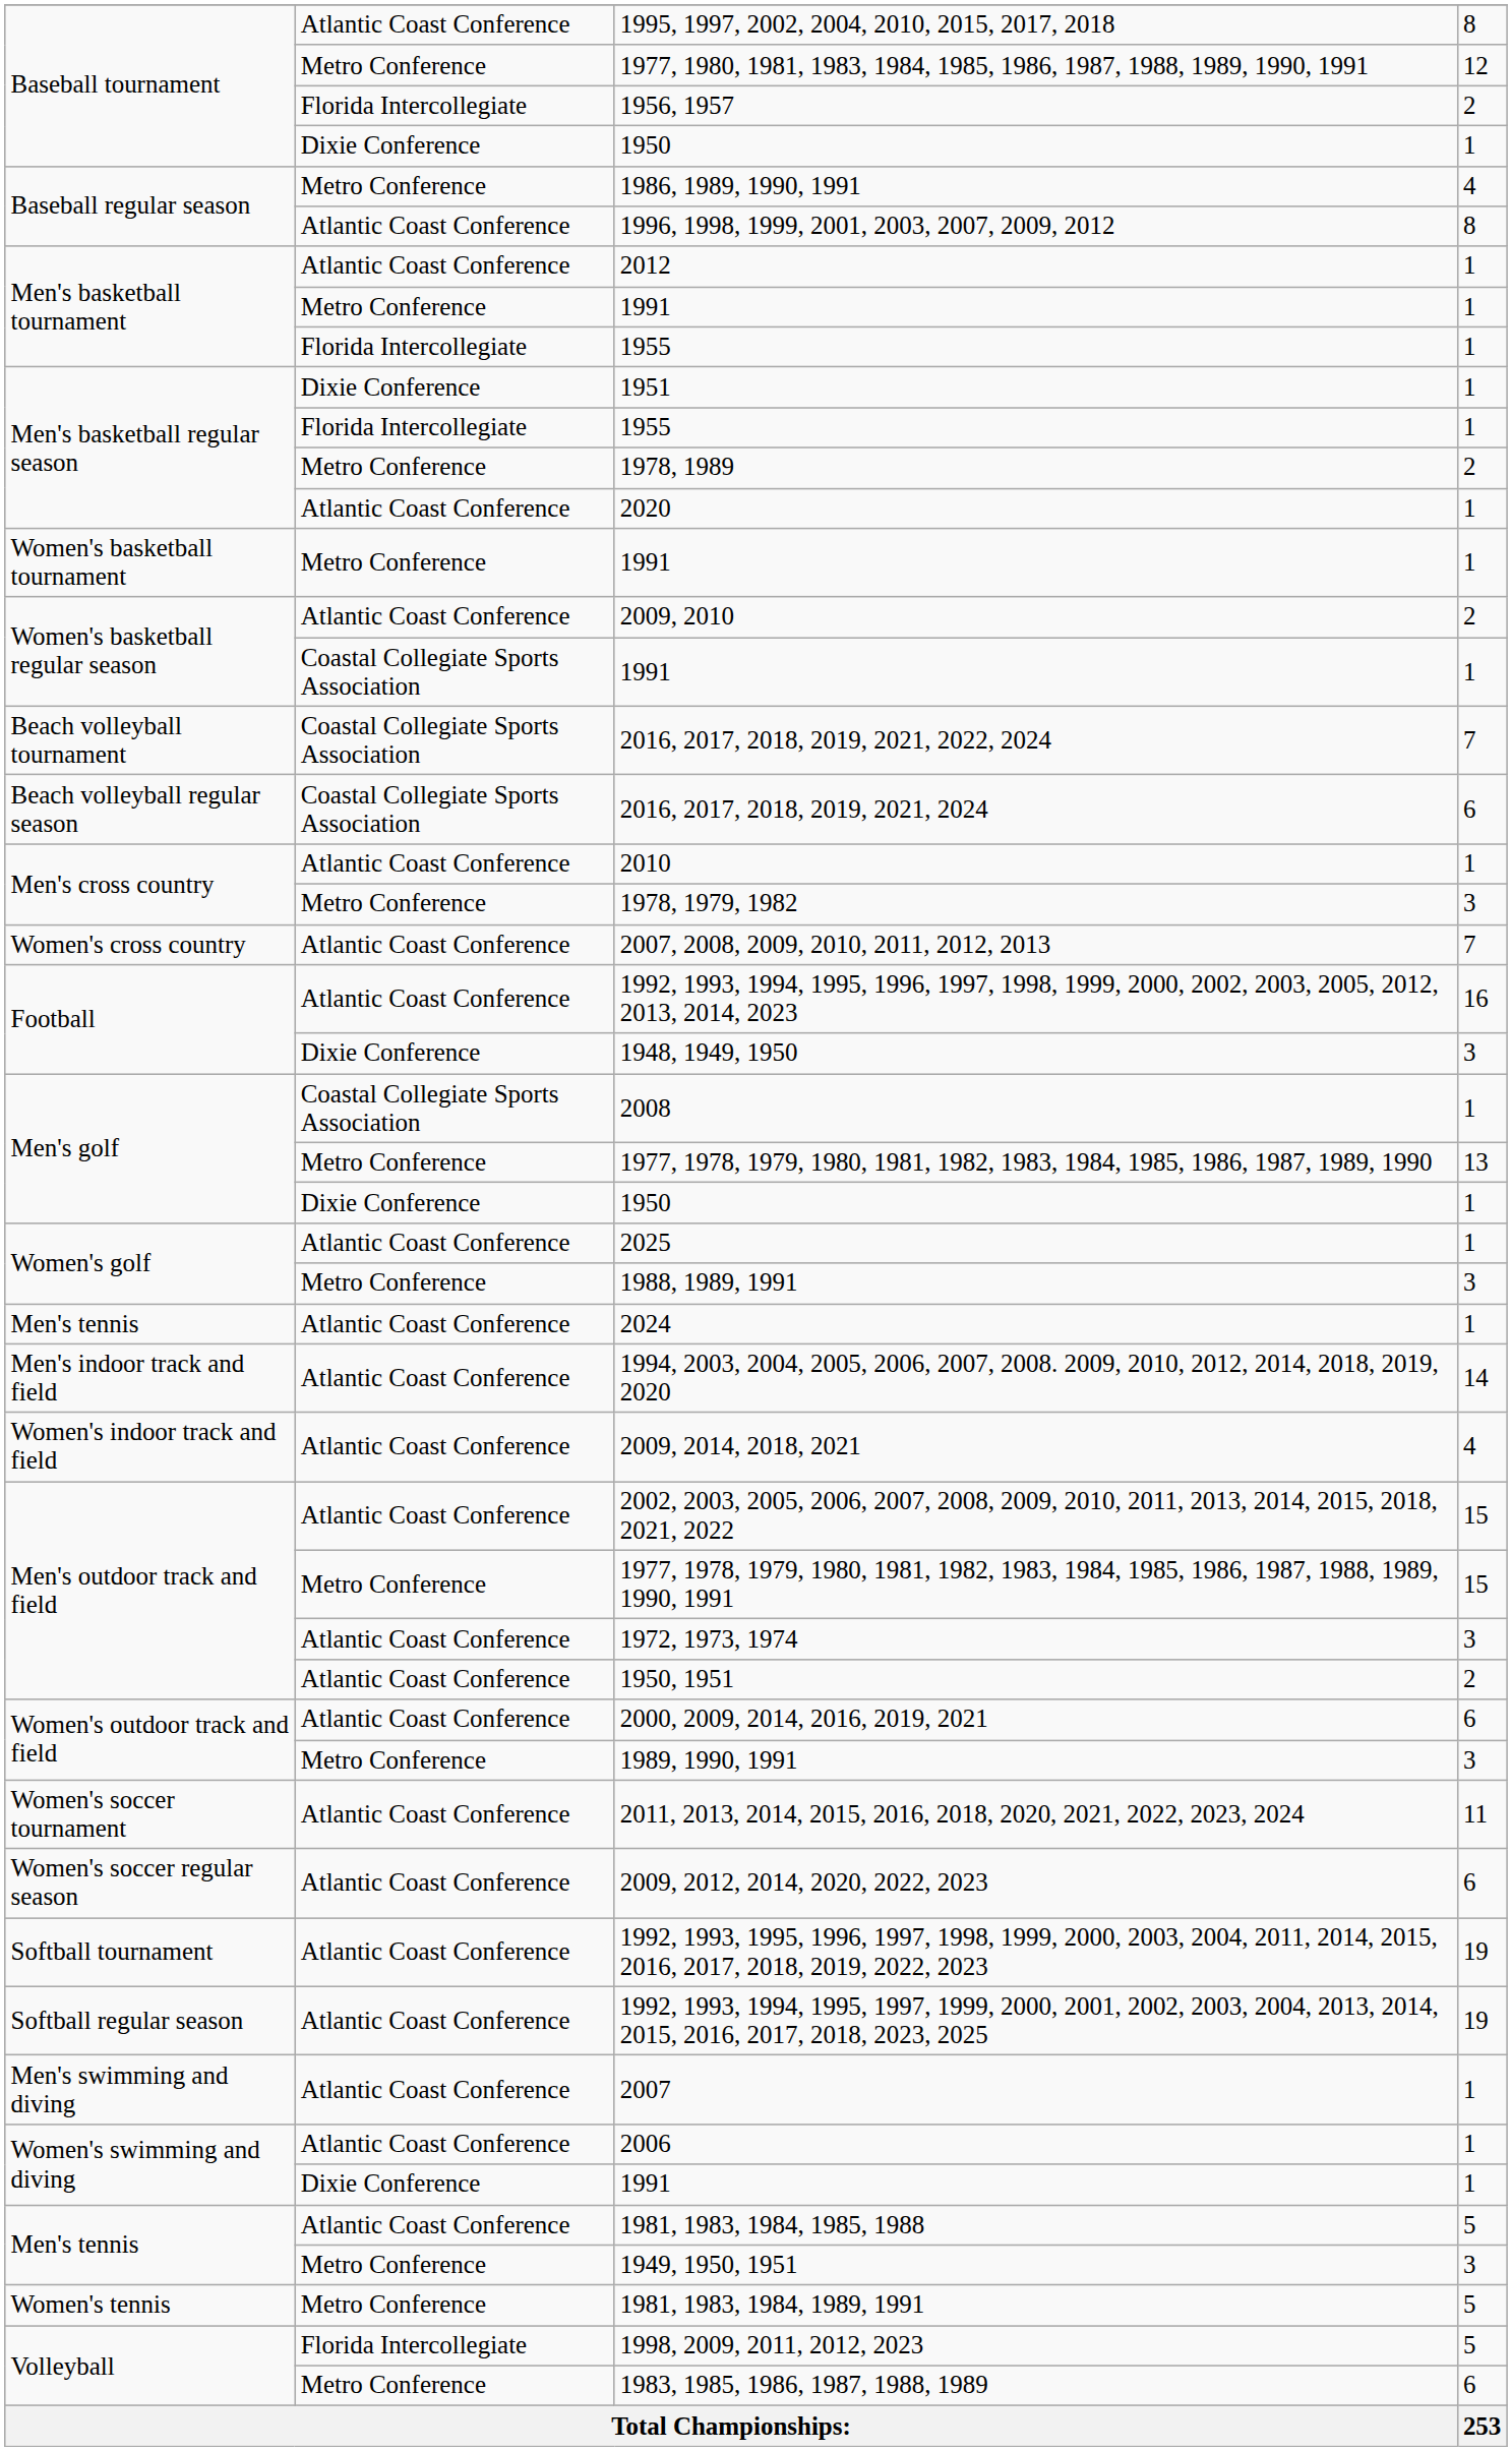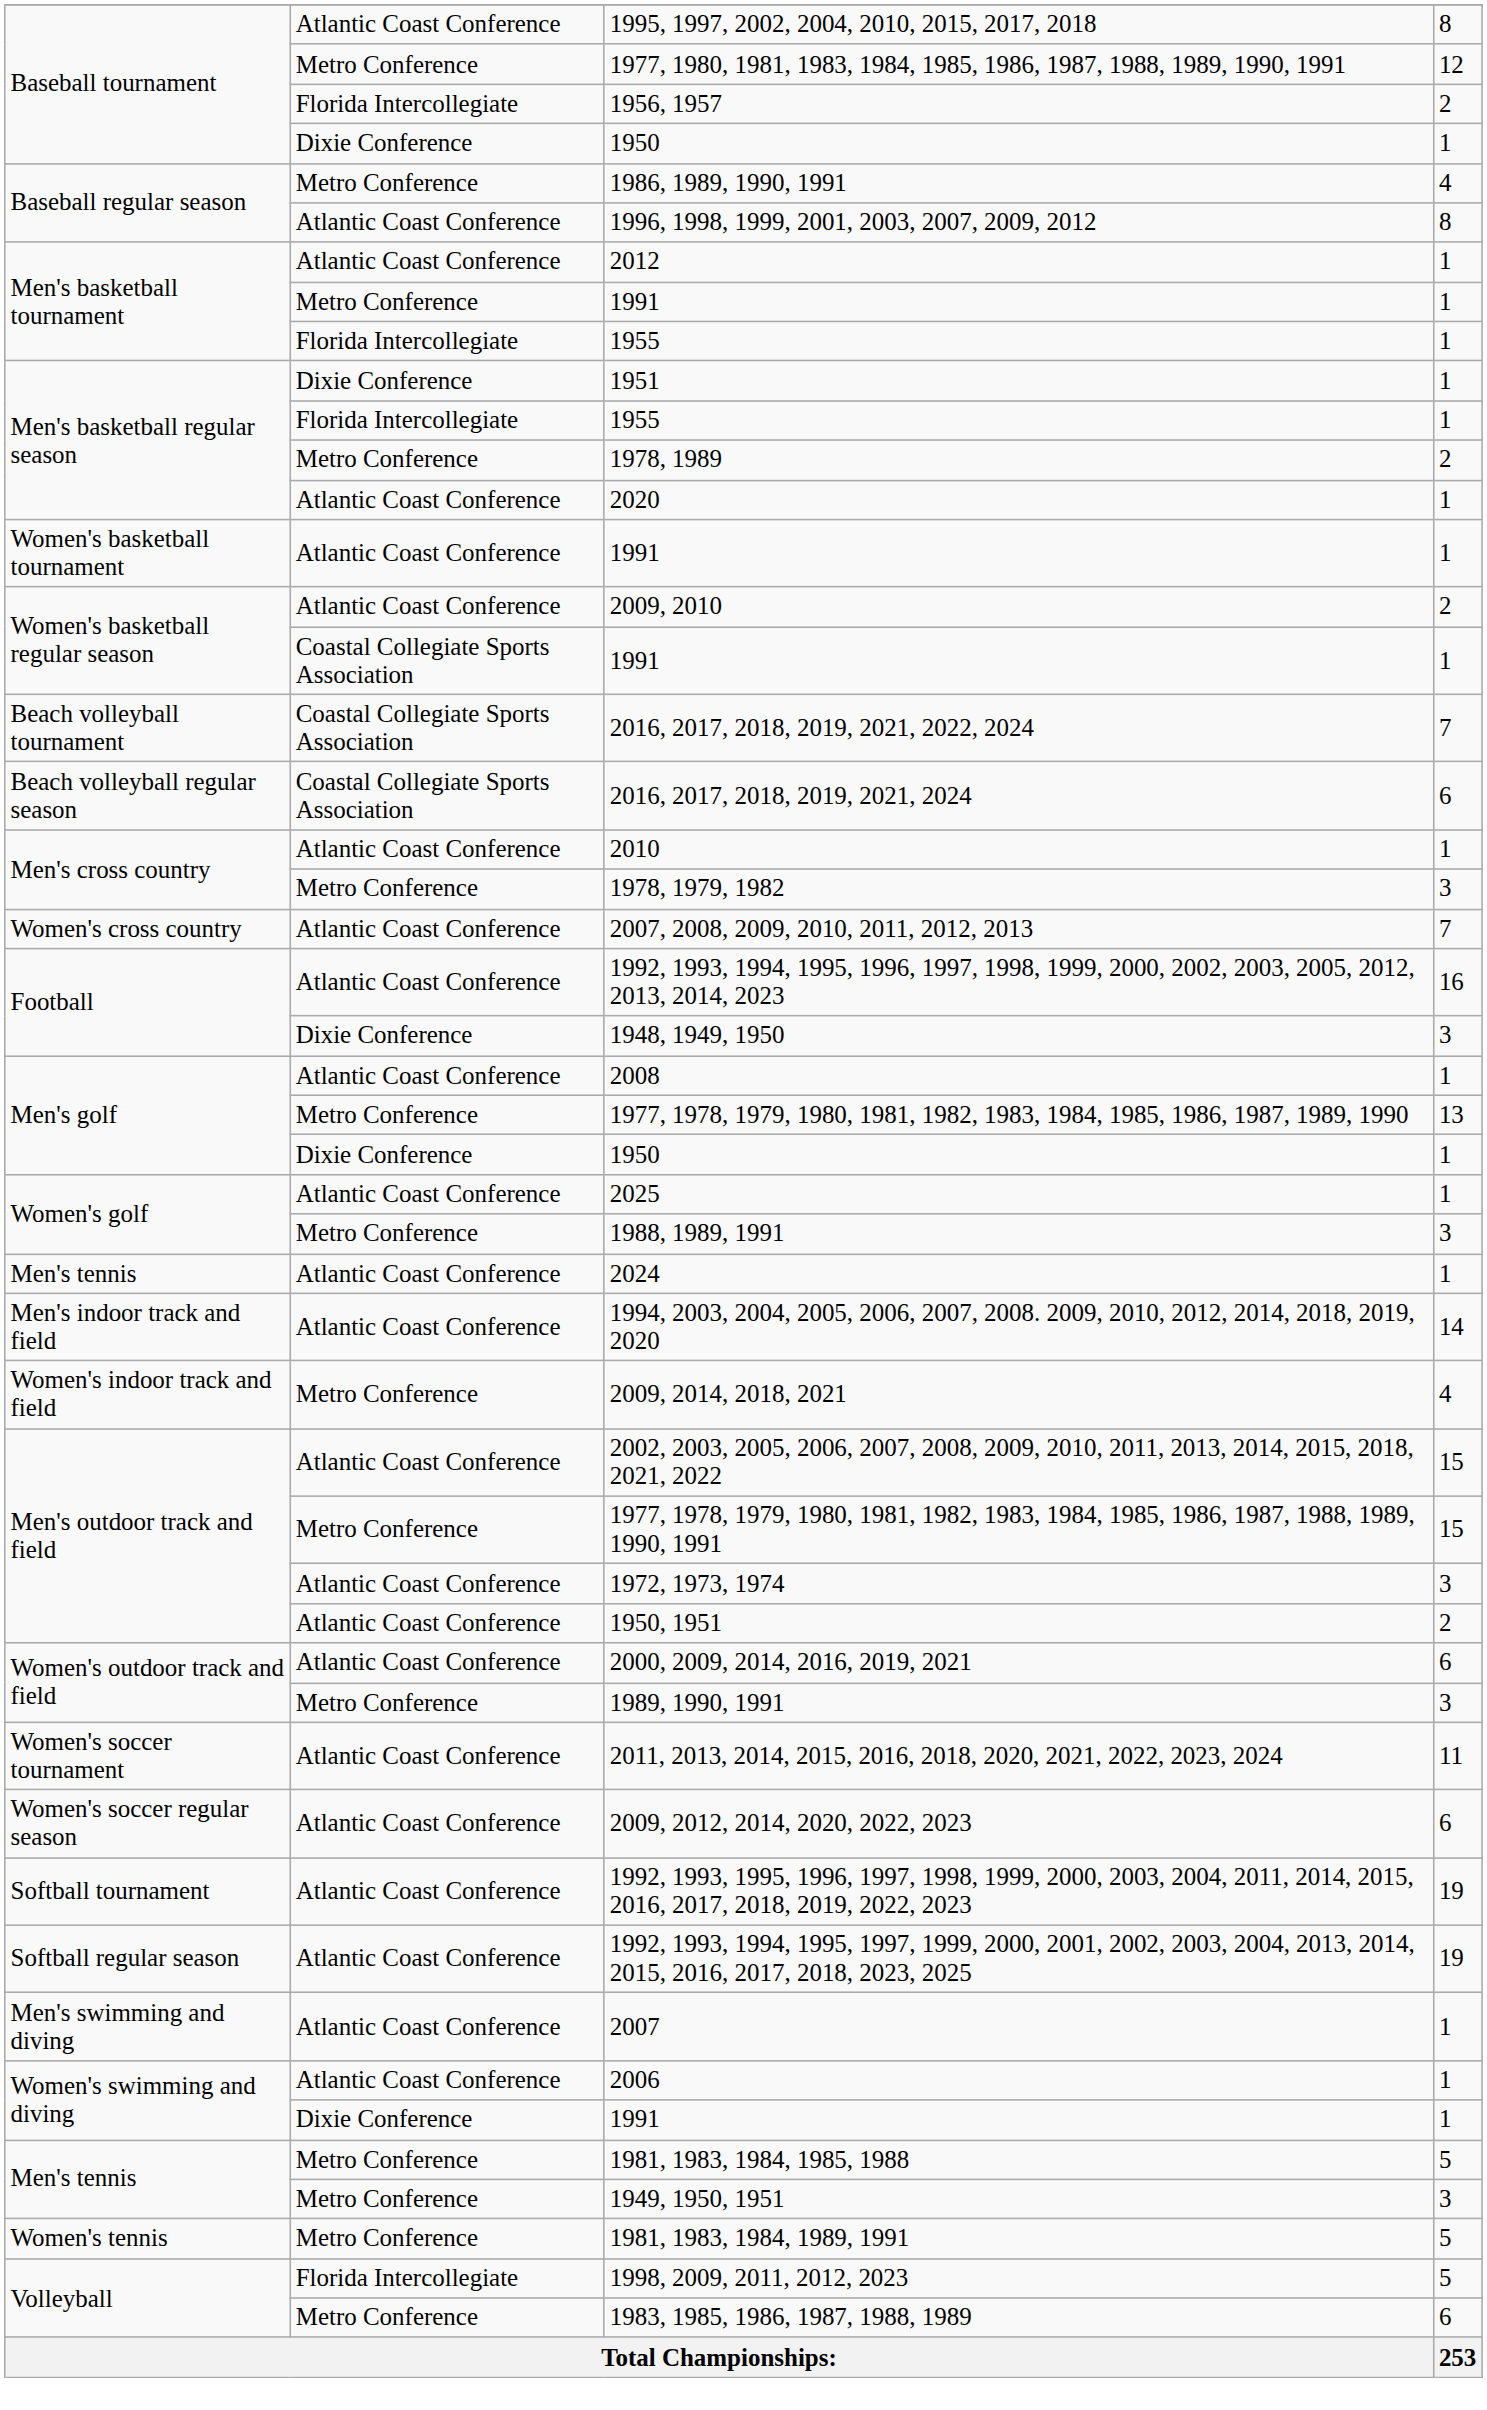 <table cellpadding="1" style="width:75%;" class="wikitable" style="text-align:center;">
 <tr>
 </tr>
 <tr>
 <td rowspan="4;">Baseball tournament</td>
 <td>Atlantic Coast Conference</td>
 <td>1995, 1997, 2002, 2004, 2010, 2015, 2017, 2018</td>
 <td>8</td>
 </tr>
 <tr>
 <td>Metro Conference</td>
 <td>1977, 1980, 1981, 1983, 1984, 1985, 1986, 1987, 1988, 1989, 1990, 1991</td>
 <td>12</td>
 </tr>
 <tr>
 <td>Florida Intercollegiate</td>
 <td>1956, 1957</td>
 <td>2</td>
 </tr>
 <tr>
 <td>Dixie Conference</td>
 <td>1950</td>
 <td>1</td>
 </tr>
 <tr>
 <td rowspan="2;">Baseball regular season</td>
 <td>Metro Conference</td>
 <td>1986, 1989, 1990, 1991</td>
 <td>4</td>
 </tr>
 <tr>
 <td>Atlantic Coast Conference</td>
 <td>1996, 1998, 1999, 2001, 2003, 2007, 2009, 2012</td>
 <td>8</td>
 </tr>
 <tr>
 <td rowspan="3">Men's basketball tournament</td>
 <td>Atlantic Coast Conference</td>
 <td>2012</td>
 <td>1</td>
 </tr>
 <tr>
 <td>Metro Conference</td>
 <td>1991</td>
 <td>1</td>
 </tr>
 <tr>
 <td>Florida Intercollegiate</td>
 <td>1955</td>
 <td>1</td>
 </tr>
 <tr>
 <td rowspan="4;">Men's basketball regular season</td>
 <td>Dixie Conference</td>
 <td>1951</td>
 <td>1</td>
 </tr>
 <tr>
 <td>Florida Intercollegiate</td>
 <td>1955</td>
 <td>1</td>
 </tr>
 <tr>
 <td>Metro Conference</td>
 <td>1978, 1989</td>
 <td>2</td>
 </tr>
 <tr>
 <td>Atlantic Coast Conference</td>
 <td>2020</td>
 <td>1</td>
 </tr>
 <tr>
 <td>Women's basketball tournament</td>
-<td>Metro Conference</td>
+<td>Atlantic Coast Conference</td>
 <td>1991</td>
 <td>1</td>
 </tr>
 <tr>
 <td rowspan="2;">Women's basketball regular season</td>
 <td>Atlantic Coast Conference</td>
 <td>2009, 2010</td>
 <td>2</td>
 </tr>
 <tr>
 <td>Coastal Collegiate Sports Association</td>
 <td>1991</td>
 <td>1</td>
 </tr>
 <tr>
 <td>Beach volleyball tournament</td>
 <td>Coastal Collegiate Sports Association</td>
 <td>2016, 2017, 2018, 2019, 2021, 2022, 2024</td>
 <td>7</td>
 </tr>
 <tr>
 <td>Beach volleyball regular season</td>
 <td>Coastal Collegiate Sports Association</td>
 <td>2016, 2017, 2018, 2019, 2021, 2024</td>
 <td>6</td>
 </tr>
 <tr>
 <td rowspan="2;">Men's cross country</td>
 <td>Atlantic Coast Conference</td>
 <td>2010</td>
 <td>1</td>
 </tr>
 <tr>
 <td>Metro Conference</td>
 <td>1978, 1979, 1982</td>
 <td>3</td>
 </tr>
 <tr>
 <td>Women's cross country</td>
 <td>Atlantic Coast Conference</td>
 <td>2007, 2008, 2009, 2010, 2011, 2012, 2013</td>
 <td>7</td>
 </tr>
 <tr>
 <td rowspan="2;">Football</td>
 <td>Atlantic Coast Conference</td>
 <td>1992, 1993, 1994, 1995, 1996, 1997, 1998, 1999, 2000, 2002, 2003, 2005, 2012, 2013, 2014, 2023</td>
 <td>16</td>
 </tr>
 <tr>
 <td>Dixie Conference</td>
 <td>1948, 1949, 1950</td>
 <td>3</td>
 </tr>
 <tr>
 <td rowspan="3;">Men's golf</td>
-<td>Coastal Collegiate Sports Association</td>
+<td>Atlantic Coast Conference</td>
 <td>2008</td>
 <td>1</td>
 </tr>
 <tr>
 <td>Metro Conference</td>
 <td>1977, 1978, 1979, 1980, 1981, 1982, 1983, 1984, 1985, 1986, 1987, 1989, 1990</td>
 <td>13</td>
 </tr>
 <tr>
 <td>Dixie Conference</td>
 <td>1950</td>
 <td>1</td>
 </tr>
 <tr>
 <td rowspan="2;">Women's golf</td>
 <td>Atlantic Coast Conference</td>
 <td>2025</td>
 <td>1</td>
 </tr>
 <tr>
 <td>Metro Conference</td>
 <td>1988, 1989, 1991</td>
 <td>3</td>
 </tr>
 <tr>
 <td>Men's tennis</td>
 <td>Atlantic Coast Conference</td>
 <td>2024</td>
 <td>1</td>
 </tr>
 <tr>
 <td>Men's indoor track and field</td>
 <td>Atlantic Coast Conference</td>
 <td>1994, 2003, 2004, 2005, 2006, 2007, 2008. 2009, 2010, 2012, 2014, 2018, 2019, 2020</td>
 <td>14</td>
 </tr>
 <tr>
 <td>Women's indoor track and field</td>
-<td>Atlantic Coast Conference</td>
+<td>Metro Conference</td>
 <td>2009, 2014, 2018, 2021</td>
 <td>4</td>
 </tr>
 <tr>
 <td rowspan="4;">Men's outdoor track and field</td>
 <td>Atlantic Coast Conference</td>
 <td>2002, 2003, 2005, 2006, 2007, 2008, 2009, 2010, 2011, 2013, 2014, 2015, 2018, 2021, 2022</td>
 <td>15</td>
 </tr>
 <tr>
 <td>Metro Conference</td>
 <td>1977, 1978, 1979, 1980, 1981, 1982, 1983, 1984, 1985, 1986, 1987, 1988, 1989, 1990, 1991</td>
 <td>15</td>
 </tr>
 <tr>
 <td>Atlantic Coast Conference</td>
 <td>1972, 1973, 1974</td>
 <td>3</td>
 </tr>
 <tr>
 <td>Atlantic Coast Conference</td>
 <td>1950, 1951</td>
 <td>2</td>
 </tr>
 <tr>
 <td rowspan="2;">Women's outdoor track and field</td>
 <td>Atlantic Coast Conference</td>
 <td>2000, 2009, 2014, 2016, 2019, 2021</td>
 <td>6</td>
 </tr>
 <tr>
 <td>Metro Conference</td>
 <td>1989, 1990, 1991</td>
 <td>3</td>
 </tr>
 <tr>
 <td>Women's soccer tournament</td>
 <td>Atlantic Coast Conference</td>
 <td>2011, 2013, 2014, 2015, 2016, 2018, 2020, 2021, 2022, 2023, 2024</td>
 <td>11</td>
 </tr>
 <tr>
 <td>Women's soccer regular season</td>
 <td>Atlantic Coast Conference</td>
 <td>2009, 2012, 2014, 2020, 2022, 2023</td>
 <td>6</td>
 </tr>
 <tr>
 <td>Softball tournament</td>
 <td>Atlantic Coast Conference</td>
 <td>1992, 1993, 1995, 1996, 1997, 1998, 1999, 2000, 2003, 2004, 2011, 2014, 2015, 2016, 2017, 2018, 2019, 2022, 2023</td>
 <td>19</td>
 </tr>
 <tr>
 <td>Softball regular season</td>
 <td>Atlantic Coast Conference</td>
 <td>1992, 1993, 1994, 1995, 1997, 1999, 2000, 2001, 2002, 2003, 2004, 2013, 2014, 2015, 2016, 2017, 2018, 2023, 2025</td>
 <td>19</td>
 </tr>
 <tr>
 <td>Men's swimming and diving</td>
 <td>Atlantic Coast Conference</td>
 <td>2007</td>
 <td>1</td>
 </tr>
 <tr>
 <td rowspan="2;">Women's swimming and diving</td>
 <td>Atlantic Coast Conference</td>
 <td>2006</td>
 <td>1</td>
 </tr>
 <tr>
 <td>Dixie Conference</td>
 <td>1991</td>
 <td>1</td>
 </tr>
 <tr>
 <td rowspan="2;">Men's tennis</td>
-<td>Atlantic Coast Conference</td>
+<td>Metro Conference</td>
 <td>1981, 1983, 1984, 1985, 1988</td>
 <td>5</td>
 </tr>
 <tr>
 <td>Metro Conference</td>
 <td>1949, 1950, 1951</td>
 <td>3</td>
 </tr>
 <tr>
 <td>Women's tennis</td>
 <td>Metro Conference</td>
 <td>1981, 1983, 1984, 1989, 1991</td>
 <td>5</td>
 </tr>
 <tr>
 <td rowspan="2;">Volleyball</td>
 <td>Florida Intercollegiate</td>
 <td>1998, 2009, 2011, 2012, 2023</td>
 <td>5</td>
 </tr>
 <tr>
 <td>Metro Conference</td>
 <td>1983, 1985, 1986, 1987, 1988, 1989</td>
 <td>6</td>
 </tr>
 <tr>
 <th colspan="3;">Total Championships:</th>
 <th colspan="3;">253</th>
 </tr>
 </table>
